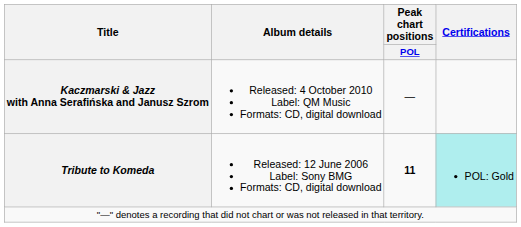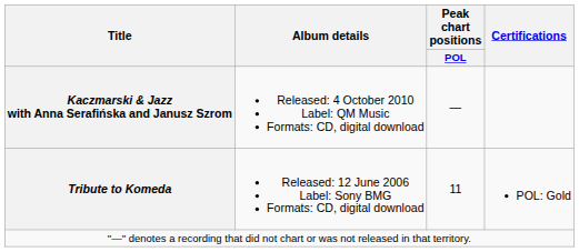 <table class="wikitable plainrowheaders" style="text-align:center;">
 <tr>
 <th scope="col" rowspan="2">Title</th>
 <th scope="col" rowspan="2">Album details</th>
 <th scope="col" colspan="1">Peak chart positions</th>
 <th scope="col" rowspan="2"><a href='#'>Certifications</a></th>
 </tr>
 <tr>
 <th scope="col" style="width:3em;font-size:90%;"><a href='#'>POL</a><br></th>
 </tr>
 <tr>
 <th scope="row"><em>Kaczmarski & Jazz</em><br>with Anna Serafińska and Janusz Szrom</th>
 <td><br><ul><li>Released: 4 October 2010</li><li>Label: QM Music</li><li>Formats: CD, digital download</li></ul></td>
 <td>—</td>
 <td></td>
 </tr>
 <tr>
 <th scope="row"><em>Tribute to Komeda</em></th>
 <td><br><ul><li>Released: 12 June 2006</li><li>Label: Sony BMG</li><li>Formats: CD, digital download</li></ul></td>
-<td><strong>11</strong></td>
-<td style="background: paleturquoise;"><br><ul><li>POL: Gold</li></ul></td>
+<td>11</td>
+<td><br><ul><li>POL: Gold</li></ul></td>
 </tr>
 <tr>
 <td colspan="20" style="font-size:90%">"—" denotes a recording that did not chart or was not released in that territory.</td>
 </tr>
 </table>
